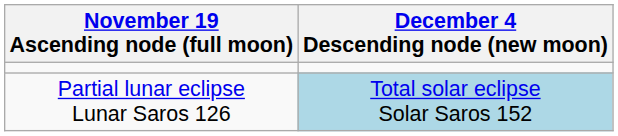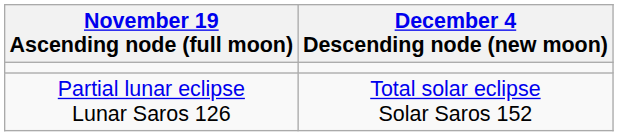 <table class="wikitable">
 <tr>
 <th><a href='#'>November 19</a><br>Ascending node (full moon)<br></th>
 <th><a href='#'>December 4</a><br>Descending node (new moon)<br></th>
 </tr>
 <tr>
 <td></td>
 <td></td>
 </tr>
 <tr align=center>
 <td><a href='#'>Partial lunar eclipse</a><br>Lunar Saros 126</td>
-<td style="background: lightblue;"><a href='#'>Total solar eclipse</a><br>Solar Saros 152</td>
+<td><a href='#'>Total solar eclipse</a><br>Solar Saros 152</td>
 </tr>
 </table>
